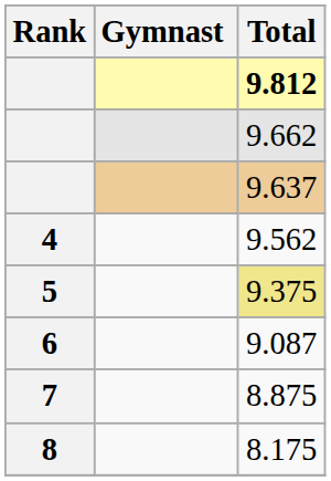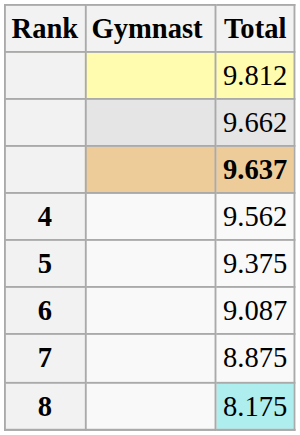 <table class="wikitable sortable" style="text-align:center; font-size:95%">
 <tr>
 <th scope=col>Rank</th>
 <th scope=col>Gymnast </th>
 <th scope=col>Total</th>
 </tr>
 <tr bgcolor=fffcaf>
 <th scope=row style="text-align:center"></th>
 <td align=left> </td>
-<td><strong>9.812</strong></td>
+<td>9.812</td>
 </tr>
 <tr bgcolor=e5e5e5>
 <th scope=row style="text-align:center"></th>
 <td align=left> </td>
 <td>9.662</td>
 </tr>
 <tr bgcolor=eecc99>
 <th scope=row style="text-align:center"></th>
 <td align=left> </td>
-<td>9.637</td>
+<td><strong>9.637</strong></td>
 </tr>
 <tr>
 <th scope=row style="text-align:center">4</th>
 <td align=left> </td>
 <td>9.562</td>
 </tr>
 <tr>
 <th scope=row style="text-align:center">5</th>
 <td align=left> </td>
-<td style="background: khaki;">9.375</td>
+<td>9.375</td>
 </tr>
 <tr>
 <th scope=row style="text-align:center">6</th>
 <td align=left> </td>
 <td>9.087</td>
 </tr>
 <tr>
 <th scope=row style="text-align:center">7</th>
 <td align=left> </td>
 <td>8.875</td>
 </tr>
 <tr>
 <th scope=row style="text-align:center">8</th>
 <td align=left> </td>
-<td>8.175</td>
+<td style="background: paleturquoise;">8.175</td>
 </tr>
 <tr>
 </tr>
 </table>
